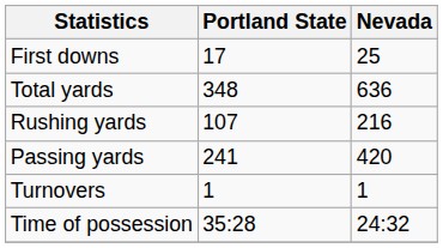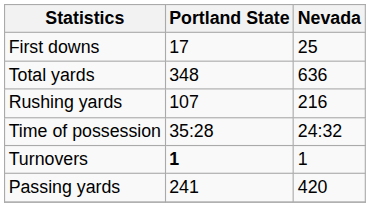 <table class="wikitable">
 <tr>
 <th>Statistics</th>
 <th>Portland State</th>
 <th>Nevada</th>
 </tr>
 <tr>
 <td>First downs</td>
 <td>17</td>
 <td>25</td>
 </tr>
 <tr>
 <td>Total yards</td>
 <td>348</td>
 <td>636</td>
 </tr>
 <tr>
 <td>Rushing yards</td>
 <td>107</td>
 <td>216</td>
 </tr>
 <tr>
+<td>Time of possession</td>
+<td>35:28</td>
+<td>24:32</td>
+</tr>
+<tr>
+<td>Turnovers</td>
+<td><strong>1</strong></td>
+<td>1</td>
+</tr>
+<tr>
 <td>Passing yards</td>
 <td>241</td>
 <td>420</td>
 </tr>
 <tr>
-<td>Turnovers</td>
-<td>1</td>
-<td>1</td>
-</tr>
-<tr>
-<td>Time of possession</td>
-<td>35:28</td>
-<td>24:32</td>
-</tr>
-<tr>
 </tr>
 </table>
